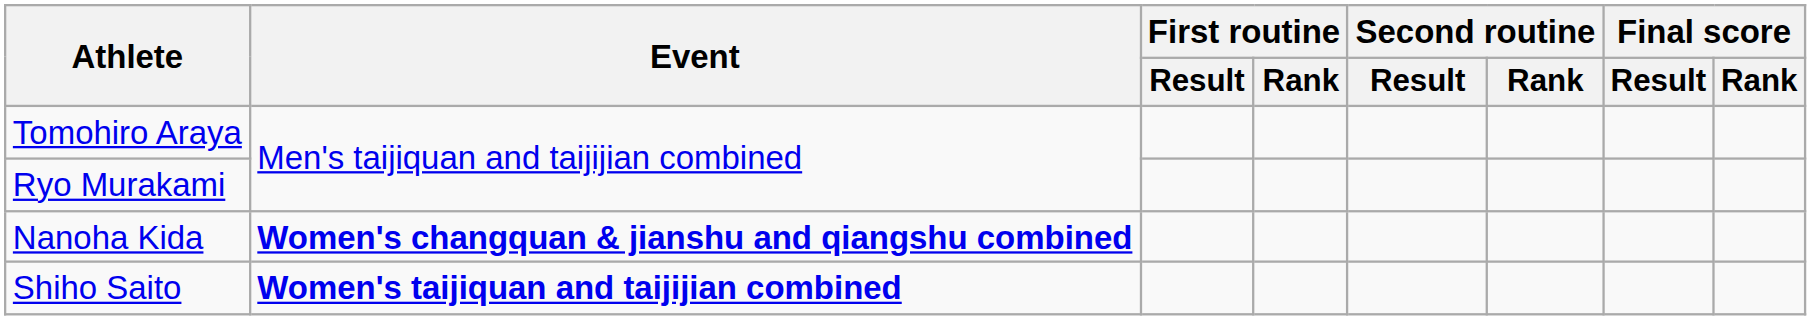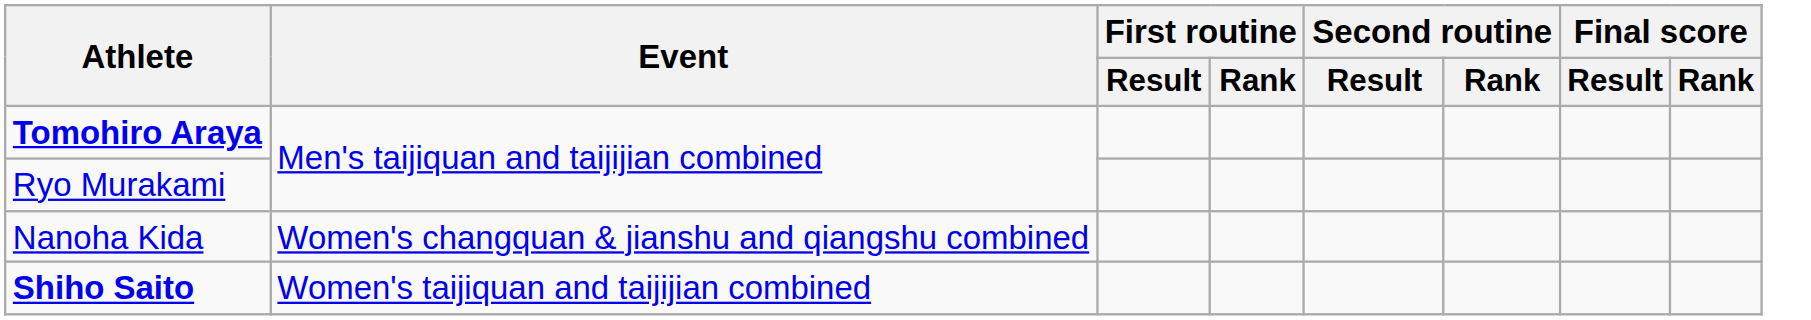 <table class=wikitable style=font-size:90%;text-align:center>
 <tr>
 <th rowspan="2">Athlete</th>
 <th rowspan="2">Event</th>
 <th colspan="2">First routine</th>
 <th colspan="2">Second routine</th>
 <th colspan="2">Final score</th>
 </tr>
 <tr style="font-size:95%">
 <th>Result</th>
 <th>Rank</th>
 <th>Result</th>
 <th>Rank</th>
 <th>Result</th>
 <th>Rank</th>
 </tr>
 <tr align=center>
-<td align=left><a href='#'>Tomohiro Araya</a></td>
+<td align=left><strong><a href='#'>Tomohiro Araya</a></strong></td>
 <td rowspan="2" align="left"><a href='#'>Men's taijiquan and taijijian combined</a></td>
 <td></td>
 <td></td>
 <td></td>
 <td></td>
 <td></td>
 <td></td>
 </tr>
 <tr align=center>
 <td align=left><a href='#'>Ryo Murakami</a></td>
 <td></td>
 <td></td>
 <td></td>
 <td></td>
 <td></td>
 <td></td>
 </tr>
 <tr align=center>
 <td align=left><a href='#'>Nanoha Kida</a></td>
-<td align=left><strong><a href='#'>Women's changquan & jianshu and qiangshu combined</a></strong></td>
+<td align=left><a href='#'>Women's changquan & jianshu and qiangshu combined</a></td>
 <td></td>
 <td></td>
 <td></td>
 <td></td>
 <td></td>
 <td></td>
 </tr>
 <tr align=center>
-<td align=left><a href='#'>Shiho Saito</a></td>
-<td align=left><strong><a href='#'>Women's taijiquan and taijijian combined</a></strong></td>
+<td align=left><strong><a href='#'>Shiho Saito</a></strong></td>
+<td align=left><a href='#'>Women's taijiquan and taijijian combined</a></td>
 <td></td>
 <td></td>
 <td></td>
 <td></td>
 <td></td>
 <td></td>
 </tr>
 </table>
